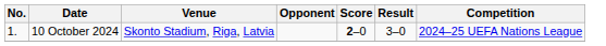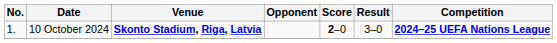 <table class="wikitable">
 <tr>
 <th>No.</th>
 <th>Date</th>
 <th>Venue</th>
 <th>Opponent</th>
 <th>Score</th>
 <th>Result</th>
 <th>Competition</th>
 </tr>
 <tr>
 <td>1.</td>
 <td>10 October 2024</td>
-<td><a href='#'>Skonto Stadium</a>, <a href='#'>Riga</a>, <a href='#'>Latvia</a></td>
+<td><strong><a href='#'>Skonto Stadium</a>, <a href='#'>Riga</a>, <a href='#'>Latvia</a></strong></td>
 <td></td>
 <td align=center><strong>2</strong>–0</td>
 <td align=center>3–0</td>
-<td><a href='#'>2024–25 UEFA Nations League</a></td>
+<td><strong><a href='#'>2024–25 UEFA Nations League</a></strong></td>
 </tr>
 <tr>
 </tr>
 </table>
